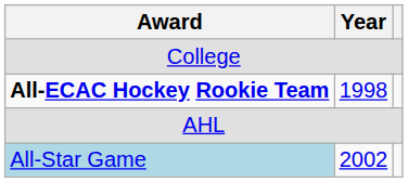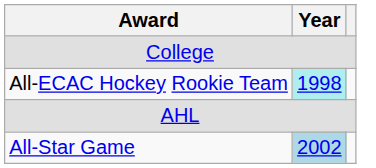 <table class="wikitable">
 <tr>
 <th>Award</th>
 <th>Year</th>
 <th></th>
 </tr>
 <tr ALIGN="center" bgcolor="#e0e0e0">
 <td colspan="3"><a href='#'>College</a></td>
 </tr>
 <tr>
-<td><strong>All-<a href='#'>ECAC Hockey</a> <a href='#'>Rookie Team</a></strong></td>
-<td><a href='#'>1998</a></td>
+<td>All-<a href='#'>ECAC Hockey</a> <a href='#'>Rookie Team</a></td>
+<td style="background: paleturquoise;"><a href='#'>1998</a></td>
 <td></td>
 </tr>
 <tr ALIGN="center" bgcolor="#e0e0e0">
 <td colspan="3"><a href='#'>AHL</a></td>
 </tr>
 <tr>
-<td style="background: lightblue;"><a href='#'>All-Star Game</a></td>
-<td><a href='#'>2002</a></td>
+<td><a href='#'>All-Star Game</a></td>
+<td style="background: lightblue;"><a href='#'>2002</a></td>
 <td></td>
 </tr>
 </table>
